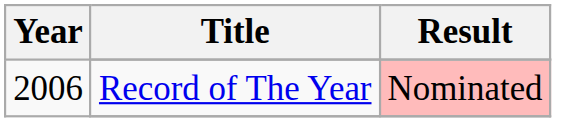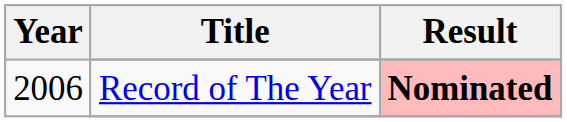 <table class="wikitable">
 <tr>
 <th>Year</th>
 <th>Title</th>
 <th>Result</th>
 </tr>
 <tr>
 <td rowspan="4">2006</td>
 </tr>
 <tr>
 <td><a href='#'>Record of The Year</a></td>
-<td style="background:#fbb;">Nominated</td>
+<td style="background:#fbb;"><strong>Nominated</strong></td>
 </tr>
 <tr>
 </tr>
 </table>
